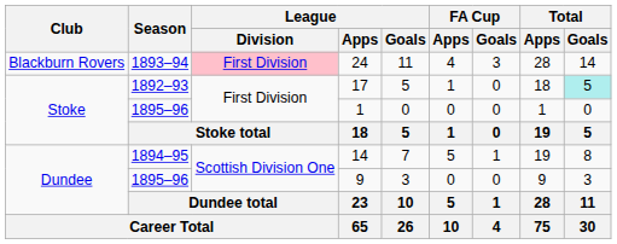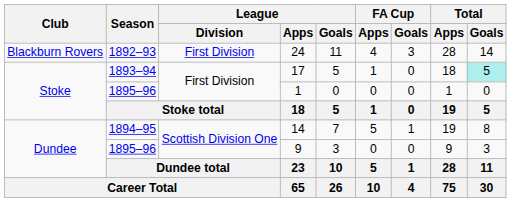 <table class="wikitable" style="text-align: center;">
 <tr>
 <th rowspan="2">Club</th>
 <th rowspan="2">Season</th>
 <th colspan="3">League</th>
 <th colspan="2">FA Cup</th>
 <th colspan="2">Total</th>
 </tr>
 <tr>
 <th>Division</th>
 <th>Apps</th>
 <th>Goals</th>
 <th>Apps</th>
 <th>Goals</th>
 <th>Apps</th>
 <th>Goals</th>
 </tr>
 <tr>
 <td><a href='#'>Blackburn Rovers</a></td>
-<td><a href='#'>1893–94</a></td>
-<td style="background: pink;"><a href='#'>First Division</a></td>
+<td><a href='#'>1892–93</a></td>
+<td><a href='#'>First Division</a></td>
 <td>24</td>
 <td>11</td>
 <td>4</td>
 <td>3</td>
 <td>28</td>
 <td>14</td>
 </tr>
 <tr>
 <td rowspan="3"><a href='#'>Stoke</a></td>
-<td><a href='#'>1892–93</a></td>
+<td><a href='#'>1893–94</a></td>
 <td rowspan="2">First Division</td>
 <td>17</td>
 <td>5</td>
 <td>1</td>
 <td>0</td>
 <td>18</td>
 <td style="background: paleturquoise;">5</td>
 </tr>
 <tr>
 <td><a href='#'>1895–96</a></td>
 <td>1</td>
 <td>0</td>
 <td>0</td>
 <td>0</td>
 <td>1</td>
 <td>0</td>
 </tr>
 <tr>
 <th colspan="2">Stoke total</th>
 <th>18</th>
 <th>5</th>
 <th>1</th>
 <th>0</th>
 <th>19</th>
 <th>5</th>
 </tr>
 <tr>
 <td rowspan="3"><a href='#'>Dundee</a></td>
 <td><a href='#'>1894–95</a></td>
 <td rowspan="2"><a href='#'>Scottish Division One</a></td>
 <td>14</td>
 <td>7</td>
 <td>5</td>
 <td>1</td>
 <td>19</td>
 <td>8</td>
 </tr>
 <tr>
 <td><a href='#'>1895–96</a></td>
 <td>9</td>
 <td>3</td>
 <td>0</td>
 <td>0</td>
 <td>9</td>
 <td>3</td>
 </tr>
 <tr>
 <th colspan="2">Dundee total</th>
 <th>23</th>
 <th>10</th>
 <th>5</th>
 <th>1</th>
 <th>28</th>
 <th>11</th>
 </tr>
 <tr>
 <th colspan="3">Career Total</th>
 <th>65</th>
 <th>26</th>
 <th>10</th>
 <th>4</th>
 <th>75</th>
 <th>30</th>
 </tr>
 </table>
